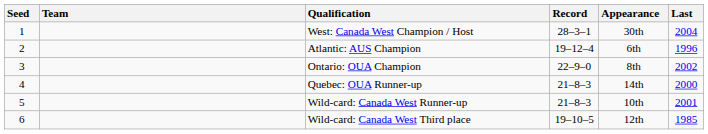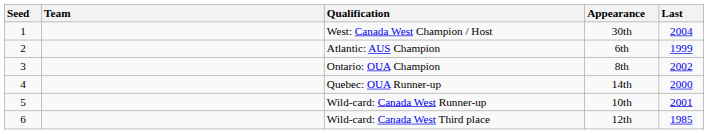 <table class="wikitable sortable" style="text-align: center;" width=1000>
 <tr style="background:#efefef; text-align:center">
 <th style="text-align:left" width=5%>Seed</th>
 <th style="text-align:left" width=38%>Team</th>
 <th style="text-align:left" width=35%>Qualification</th>
-<th style="text-align:left" width=7%>Record</th>
 <th style="text-align:left" width=10%>Appearance</th>
 <th style="text-align:left" width=6%>Last</th>
 </tr>
 <tr style="text-align:center">
 <td style="text-align:center">1</td>
 <td style="text-align:left; "><a href='#'></a></td>
 <td style="text-align:left">West: <a href='#'>Canada West</a> Champion / Host</td>
-<td style="text-align:center">28–3–1</td>
 <td style="text-align:center">30th</td>
 <td style="text-align:center"><a href='#'>2004</a></td>
 </tr>
 <tr style="text-align:center">
 <td style="text-align:center">2</td>
 <td style="text-align:left; "><a href='#'></a></td>
 <td style="text-align:left">Atlantic: <a href='#'>AUS</a> Champion</td>
-<td style="text-align:center">19–12–4</td>
 <td style="text-align:center">6th</td>
-<td style="text-align:center"><a href='#'>1996</a></td>
+<td style="text-align:center"><a href='#'>1999</a></td>
 </tr>
 <tr style="text-align:center">
 <td style="text-align:center">3</td>
 <td style="text-align:left; "><a href='#'></a></td>
 <td style="text-align:left">Ontario: <a href='#'>OUA</a> Champion</td>
-<td style="text-align:center">22–9–0</td>
 <td style="text-align:center">8th</td>
 <td style="text-align:center"><a href='#'>2002</a></td>
 </tr>
 <tr style="text-align:center">
 <td style="text-align:center">4</td>
 <td style="text-align:left; "><a href='#'></a></td>
 <td style="text-align:left">Quebec: <a href='#'>OUA</a> Runner-up</td>
-<td style="text-align:center">21–8–3</td>
 <td style="text-align:center">14th</td>
 <td style="text-align:center"><a href='#'>2000</a></td>
 </tr>
 <tr style="text-align:center">
 <td style="text-align:center">5</td>
 <td style="text-align:left; "><a href='#'></a></td>
 <td style="text-align:left">Wild-card: <a href='#'>Canada West</a> Runner-up</td>
-<td style="text-align:center">21–8–3</td>
 <td style="text-align:center">10th</td>
 <td style="text-align:center"><a href='#'>2001</a></td>
 </tr>
 <tr style="text-align:center">
 <td style="text-align:center">6</td>
 <td style="text-align:left; "><a href='#'></a></td>
 <td style="text-align:left">Wild-card: <a href='#'>Canada West</a> Third place</td>
-<td style="text-align:center">19–10–5</td>
 <td style="text-align:center">12th</td>
 <td style="text-align:center"><a href='#'>1985</a></td>
 </tr>
 </table>
